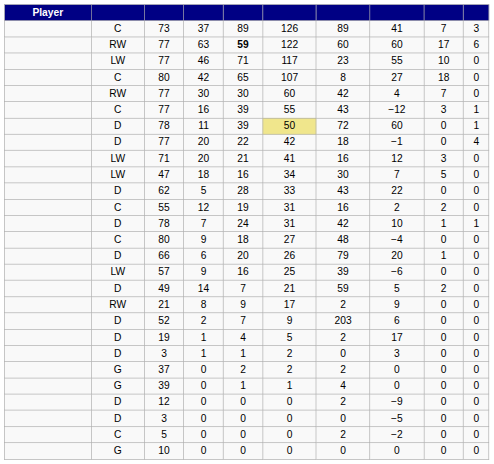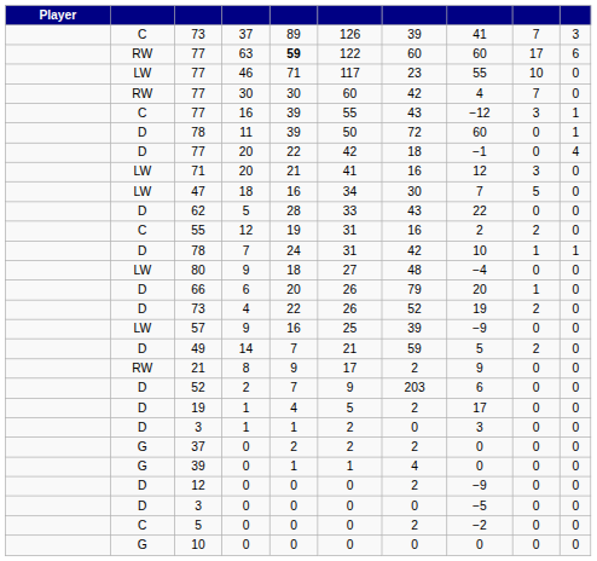 <table class="wikitable sortable" style="width:60%; text-align:center;">
 <tr align=center>
 <th style="color:white; background:#000084; ">Player</th>
 <th style="color:white; background:#000084; "></th>
 <th style="color:white; background:#000084; "></th>
 <th style="color:white; background:#000084; "></th>
 <th style="color:white; background:#000084; "></th>
 <th style="color:white; background:#000084; "></th>
 <th style="color:white; background:#000084; "></th>
 <th style="color:white; background:#000084; "></th>
 <th style="color:white; background:#000084; "></th>
 <th style="color:white; background:#000084; "></th>
 </tr>
 <tr>
 <td align="right"></td>
 <td>C</td>
 <td>73</td>
 <td>37</td>
 <td>89</td>
 <td>126</td>
-<td>89</td>
+<td>39</td>
 <td>41</td>
 <td>7</td>
 <td>3</td>
 </tr>
 <tr align="center">
 <td align="right"></td>
 <td>RW</td>
 <td>77</td>
 <td>63</td>
 <td><strong>59</strong></td>
 <td>122</td>
 <td>60</td>
 <td>60</td>
 <td>17</td>
 <td>6</td>
 </tr>
 <tr align="center">
 <td align="right"></td>
 <td>LW</td>
 <td>77</td>
 <td>46</td>
 <td>71</td>
 <td>117</td>
 <td>23</td>
 <td>55</td>
 <td>10</td>
-<td>0</td>
-</tr>
-<tr align="center">
-<td align="right"></td>
-<td>C</td>
-<td>80</td>
-<td>42</td>
-<td>65</td>
-<td>107</td>
-<td>8</td>
-<td>27</td>
-<td>18</td>
 <td>0</td>
 </tr>
 <tr align="center">
 <td align="right"></td>
 <td>RW</td>
 <td>77</td>
 <td>30</td>
 <td>30</td>
 <td>60</td>
 <td>42</td>
 <td>4</td>
 <td>7</td>
 <td>0</td>
 </tr>
 <tr align="center">
 <td align="right"></td>
 <td>C</td>
 <td>77</td>
 <td>16</td>
 <td>39</td>
 <td>55</td>
 <td>43</td>
 <td>−12</td>
 <td>3</td>
 <td>1</td>
 </tr>
 <tr align="center">
 <td align="right"></td>
 <td>D</td>
 <td>78</td>
 <td>11</td>
 <td>39</td>
-<td style="background: khaki;">50</td>
+<td>50</td>
 <td>72</td>
 <td>60</td>
 <td>0</td>
 <td>1</td>
 </tr>
 <tr align="center">
 <td align="right"></td>
 <td>D</td>
 <td>77</td>
 <td>20</td>
 <td>22</td>
 <td>42</td>
 <td>18</td>
 <td>−1</td>
 <td>0</td>
 <td>4</td>
 </tr>
 <tr align="center">
 <td align="right"></td>
 <td>LW</td>
 <td>71</td>
 <td>20</td>
 <td>21</td>
 <td>41</td>
 <td>16</td>
 <td>12</td>
 <td>3</td>
 <td>0</td>
 </tr>
 <tr align="center">
 <td align="right"></td>
 <td>LW</td>
 <td>47</td>
 <td>18</td>
 <td>16</td>
 <td>34</td>
 <td>30</td>
 <td>7</td>
 <td>5</td>
 <td>0</td>
 </tr>
 <tr align="center">
 <td align="right"></td>
 <td>D</td>
 <td>62</td>
 <td>5</td>
 <td>28</td>
 <td>33</td>
 <td>43</td>
 <td>22</td>
 <td>0</td>
 <td>0</td>
 </tr>
 <tr align="center">
 <td align="right"></td>
 <td>C</td>
 <td>55</td>
 <td>12</td>
 <td>19</td>
 <td>31</td>
 <td>16</td>
 <td>2</td>
 <td>2</td>
 <td>0</td>
 </tr>
 <tr align="center">
 <td align="right"></td>
 <td>D</td>
 <td>78</td>
 <td>7</td>
 <td>24</td>
 <td>31</td>
 <td>42</td>
 <td>10</td>
 <td>1</td>
 <td>1</td>
 </tr>
 <tr align="center">
 <td align="right"></td>
-<td>C</td>
+<td>LW</td>
 <td>80</td>
 <td>9</td>
 <td>18</td>
 <td>27</td>
 <td>48</td>
 <td>−4</td>
 <td>0</td>
 <td>0</td>
 </tr>
 <tr align="center">
 <td align="right"></td>
 <td>D</td>
 <td>66</td>
 <td>6</td>
 <td>20</td>
 <td>26</td>
 <td>79</td>
 <td>20</td>
 <td>1</td>
 <td>0</td>
 </tr>
 <tr align="center">
 <td align="right"></td>
+<td>D</td>
+<td>73</td>
+<td>4</td>
+<td>22</td>
+<td>26</td>
+<td>52</td>
+<td>19</td>
+<td>2</td>
+<td>0</td>
+</tr>
+<tr align="center">
+<td align="right"></td>
 <td>LW</td>
 <td>57</td>
 <td>9</td>
 <td>16</td>
 <td>25</td>
 <td>39</td>
-<td>−6</td>
+<td>−9</td>
 <td>0</td>
 <td>0</td>
 </tr>
 <tr align="center">
 <td align="right"></td>
 <td>D</td>
 <td>49</td>
 <td>14</td>
 <td>7</td>
 <td>21</td>
 <td>59</td>
 <td>5</td>
 <td>2</td>
 <td>0</td>
 </tr>
 <tr align="center">
 <td align="right"></td>
 <td>RW</td>
 <td>21</td>
 <td>8</td>
 <td>9</td>
 <td>17</td>
 <td>2</td>
 <td>9</td>
 <td>0</td>
 <td>0</td>
 </tr>
 <tr align="center">
 <td align="right"></td>
 <td>D</td>
 <td>52</td>
 <td>2</td>
 <td>7</td>
 <td>9</td>
 <td>203</td>
 <td>6</td>
 <td>0</td>
 <td>0</td>
 </tr>
 <tr align="center">
 <td align="right"></td>
 <td>D</td>
 <td>19</td>
 <td>1</td>
 <td>4</td>
 <td>5</td>
 <td>2</td>
 <td>17</td>
 <td>0</td>
 <td>0</td>
 </tr>
 <tr align="center">
 <td align="right"></td>
 <td>D</td>
 <td>3</td>
 <td>1</td>
 <td>1</td>
 <td>2</td>
 <td>0</td>
 <td>3</td>
 <td>0</td>
 <td>0</td>
 </tr>
 <tr align="center">
 <td align="right"></td>
 <td>G</td>
 <td>37</td>
 <td>0</td>
 <td>2</td>
 <td>2</td>
 <td>2</td>
 <td>0</td>
 <td>0</td>
 <td>0</td>
 </tr>
 <tr align="center">
 <td align="right"></td>
 <td>G</td>
 <td>39</td>
 <td>0</td>
 <td>1</td>
 <td>1</td>
 <td>4</td>
 <td>0</td>
 <td>0</td>
 <td>0</td>
 </tr>
 <tr align="center">
 <td align="right"></td>
 <td>D</td>
 <td>12</td>
 <td>0</td>
 <td>0</td>
 <td>0</td>
 <td>2</td>
 <td>−9</td>
 <td>0</td>
 <td>0</td>
 </tr>
 <tr align="center">
 <td align="right"></td>
 <td>D</td>
 <td>3</td>
 <td>0</td>
 <td>0</td>
 <td>0</td>
 <td>0</td>
 <td>−5</td>
 <td>0</td>
 <td>0</td>
 </tr>
 <tr align="center">
 <td align="right"></td>
 <td>C</td>
 <td>5</td>
 <td>0</td>
 <td>0</td>
 <td>0</td>
 <td>2</td>
 <td>−2</td>
 <td>0</td>
 <td>0</td>
 </tr>
 <tr align="center">
 <td align="right"></td>
 <td>G</td>
 <td>10</td>
 <td>0</td>
 <td>0</td>
 <td>0</td>
 <td>0</td>
 <td>0</td>
 <td>0</td>
 <td>0</td>
 </tr>
 </table>
